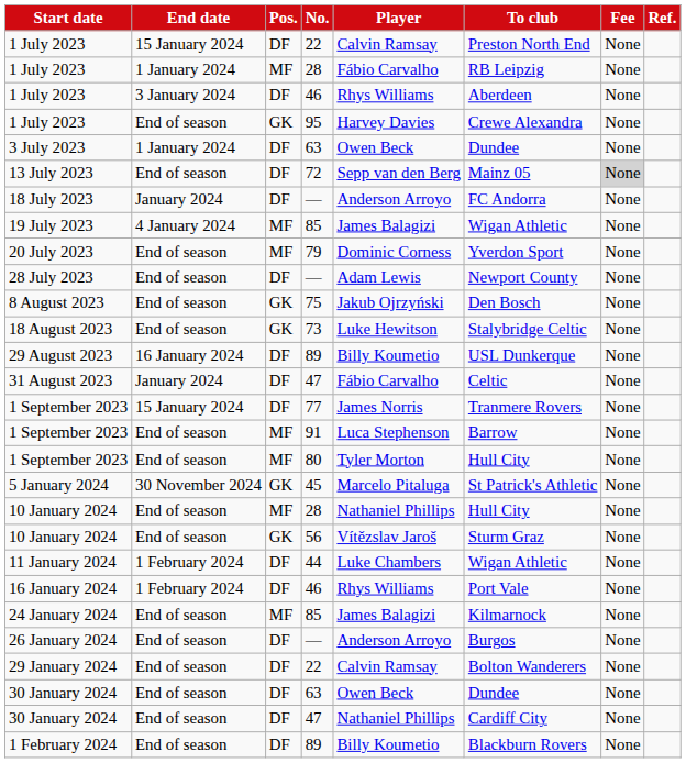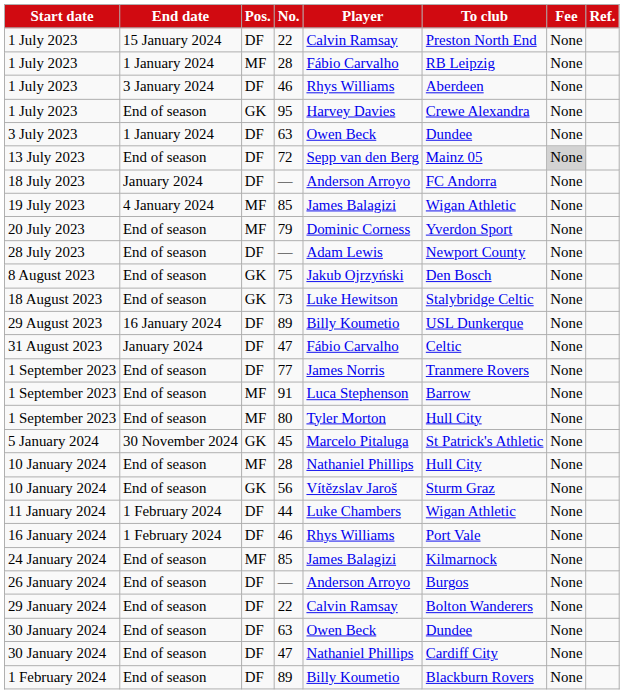 <table class="wikitable plainrowheaders sortable">
 <tr>
 <th style="background:#D10A11; color:#ffffff; ">Start date</th>
 <th style="background:#D10A11; color:#ffffff; ">End date</th>
 <th style="background:#D10A11; color:#ffffff; ">Pos.</th>
 <th style="background:#D10A11; color:#ffffff; ">No.</th>
 <th style="background:#D10A11; color:#ffffff; ">Player</th>
 <th style="background:#D10A11; color:#ffffff; ">To club</th>
 <th style="background:#D10A11; color:#ffffff; ">Fee</th>
 <th style="background:#D10A11; color:#ffffff; ">Ref.</th>
 </tr>
 <tr>
 <td>1 July 2023</td>
 <td>15 January 2024</td>
 <td>DF</td>
 <td>22</td>
 <td> <a href='#'>Calvin Ramsay</a></td>
 <td> <a href='#'>Preston North End</a></td>
 <td>None</td>
 <td></td>
 </tr>
 <tr>
 <td>1 July 2023</td>
 <td>1 January 2024</td>
 <td>MF</td>
 <td>28</td>
 <td> <a href='#'>Fábio Carvalho</a></td>
 <td> <a href='#'>RB Leipzig</a></td>
 <td>None</td>
 <td></td>
 </tr>
 <tr>
 <td>1 July 2023</td>
 <td>3 January 2024</td>
 <td>DF</td>
 <td>46</td>
 <td> <a href='#'>Rhys Williams</a></td>
 <td> <a href='#'>Aberdeen</a></td>
 <td>None</td>
 <td></td>
 </tr>
 <tr>
 <td>1 July 2023</td>
 <td>End of season</td>
 <td>GK</td>
 <td>95</td>
 <td> <a href='#'>Harvey Davies</a></td>
 <td> <a href='#'>Crewe Alexandra</a></td>
 <td>None</td>
 <td></td>
 </tr>
 <tr>
 <td>3 July 2023</td>
 <td>1 January 2024</td>
 <td>DF</td>
 <td>63</td>
 <td> <a href='#'>Owen Beck</a></td>
 <td> <a href='#'>Dundee</a></td>
 <td>None</td>
 <td></td>
 </tr>
 <tr>
 <td>13 July 2023</td>
 <td>End of season</td>
 <td>DF</td>
 <td>72</td>
 <td> <a href='#'>Sepp van den Berg</a></td>
 <td> <a href='#'>Mainz 05</a></td>
 <td style="background: lightgrey;">None</td>
 <td></td>
 </tr>
 <tr>
 <td>18 July 2023</td>
 <td>January 2024</td>
 <td>DF</td>
 <td>—</td>
 <td> <a href='#'>Anderson Arroyo</a></td>
 <td> <a href='#'>FC Andorra</a></td>
 <td>None</td>
 <td></td>
 </tr>
 <tr>
 <td>19 July 2023</td>
 <td>4 January 2024</td>
 <td>MF</td>
 <td>85</td>
 <td> <a href='#'>James Balagizi</a></td>
 <td> <a href='#'>Wigan Athletic</a></td>
 <td>None</td>
 <td></td>
 </tr>
 <tr>
 <td>20 July 2023</td>
 <td>End of season</td>
 <td>MF</td>
 <td>79</td>
 <td> <a href='#'>Dominic Corness</a></td>
 <td> <a href='#'>Yverdon Sport</a></td>
 <td>None</td>
 <td></td>
 </tr>
 <tr>
 <td>28 July 2023</td>
 <td>End of season</td>
 <td>DF</td>
 <td>—</td>
 <td> <a href='#'>Adam Lewis</a></td>
 <td> <a href='#'>Newport County</a></td>
 <td>None</td>
 <td></td>
 </tr>
 <tr>
 <td>8 August 2023</td>
 <td>End of season</td>
 <td>GK</td>
 <td>75</td>
 <td> <a href='#'>Jakub Ojrzyński</a></td>
 <td> <a href='#'>Den Bosch</a></td>
 <td>None</td>
 <td></td>
 </tr>
 <tr>
 <td>18 August 2023</td>
 <td>End of season</td>
 <td>GK</td>
 <td>73</td>
 <td> <a href='#'>Luke Hewitson</a></td>
 <td> <a href='#'>Stalybridge Celtic</a></td>
 <td>None</td>
 <td></td>
 </tr>
 <tr>
 <td>29 August 2023</td>
 <td>16 January 2024</td>
 <td>DF</td>
 <td>89</td>
 <td> <a href='#'>Billy Koumetio</a></td>
 <td> <a href='#'>USL Dunkerque</a></td>
 <td>None</td>
 <td></td>
 </tr>
 <tr>
 <td>31 August 2023</td>
 <td>January 2024</td>
 <td>DF</td>
 <td>47</td>
 <td> <a href='#'>Fábio Carvalho</a></td>
 <td> <a href='#'>Celtic</a></td>
 <td>None</td>
 <td></td>
 </tr>
 <tr>
 <td>1 September 2023</td>
-<td>15 January 2024</td>
+<td>End of season</td>
 <td>DF</td>
 <td>77</td>
 <td> <a href='#'>James Norris</a></td>
 <td> <a href='#'>Tranmere Rovers</a></td>
 <td>None</td>
 <td></td>
 </tr>
 <tr>
 <td>1 September 2023</td>
 <td>End of season</td>
 <td>MF</td>
 <td>91</td>
 <td> <a href='#'>Luca Stephenson</a></td>
 <td> <a href='#'>Barrow</a></td>
 <td>None</td>
 <td></td>
 </tr>
 <tr>
 <td>1 September 2023</td>
 <td>End of season</td>
 <td>MF</td>
 <td>80</td>
 <td> <a href='#'>Tyler Morton</a></td>
 <td> <a href='#'>Hull City</a></td>
 <td>None</td>
 <td></td>
 </tr>
 <tr>
 <td>5 January 2024</td>
 <td>30 November 2024</td>
 <td>GK</td>
 <td>45</td>
 <td> <a href='#'>Marcelo Pitaluga</a></td>
 <td> <a href='#'>St Patrick's Athletic</a></td>
 <td>None</td>
 <td></td>
 </tr>
 <tr>
 <td>10 January 2024</td>
 <td>End of season</td>
 <td>MF</td>
 <td>28</td>
 <td> <a href='#'>Nathaniel Phillips</a></td>
 <td> <a href='#'>Hull City</a></td>
 <td>None</td>
 <td></td>
 </tr>
 <tr>
 <td>10 January 2024</td>
 <td>End of season</td>
 <td>GK</td>
 <td>56</td>
 <td> <a href='#'>Vítězslav Jaroš</a></td>
 <td> <a href='#'>Sturm Graz</a></td>
 <td>None</td>
 <td></td>
 </tr>
 <tr>
 <td>11 January 2024</td>
 <td>1 February 2024</td>
 <td>DF</td>
 <td>44</td>
 <td> <a href='#'>Luke Chambers</a></td>
 <td> <a href='#'>Wigan Athletic</a></td>
 <td>None</td>
 <td></td>
 </tr>
 <tr>
 <td>16 January 2024</td>
 <td>1 February 2024</td>
 <td>DF</td>
 <td>46</td>
 <td> <a href='#'>Rhys Williams</a></td>
 <td> <a href='#'>Port Vale</a></td>
 <td>None</td>
 <td></td>
 </tr>
 <tr>
 <td>24 January 2024</td>
 <td>End of season</td>
 <td>MF</td>
 <td>85</td>
 <td> <a href='#'>James Balagizi</a></td>
 <td> <a href='#'>Kilmarnock</a></td>
 <td>None</td>
 <td></td>
 </tr>
 <tr>
 <td>26 January 2024</td>
 <td>End of season</td>
 <td>DF</td>
 <td>—</td>
 <td> <a href='#'>Anderson Arroyo</a></td>
 <td> <a href='#'>Burgos</a></td>
 <td>None</td>
 <td></td>
 </tr>
 <tr>
 <td>29 January 2024</td>
 <td>End of season</td>
 <td>DF</td>
 <td>22</td>
 <td> <a href='#'>Calvin Ramsay</a></td>
 <td> <a href='#'>Bolton Wanderers</a></td>
 <td>None</td>
 <td></td>
 </tr>
 <tr>
 <td>30 January 2024</td>
 <td>End of season</td>
 <td>DF</td>
 <td>63</td>
 <td> <a href='#'>Owen Beck</a></td>
 <td> <a href='#'>Dundee</a></td>
 <td>None</td>
 <td></td>
 </tr>
 <tr>
 <td>30 January 2024</td>
 <td>End of season</td>
 <td>DF</td>
 <td>47</td>
 <td> <a href='#'>Nathaniel Phillips</a></td>
 <td> <a href='#'>Cardiff City</a></td>
 <td>None</td>
 <td></td>
 </tr>
 <tr>
 <td>1 February 2024</td>
 <td>End of season</td>
 <td>DF</td>
 <td>89</td>
 <td> <a href='#'>Billy Koumetio</a></td>
 <td> <a href='#'>Blackburn Rovers</a></td>
 <td>None</td>
 <td></td>
 </tr>
 </table>
